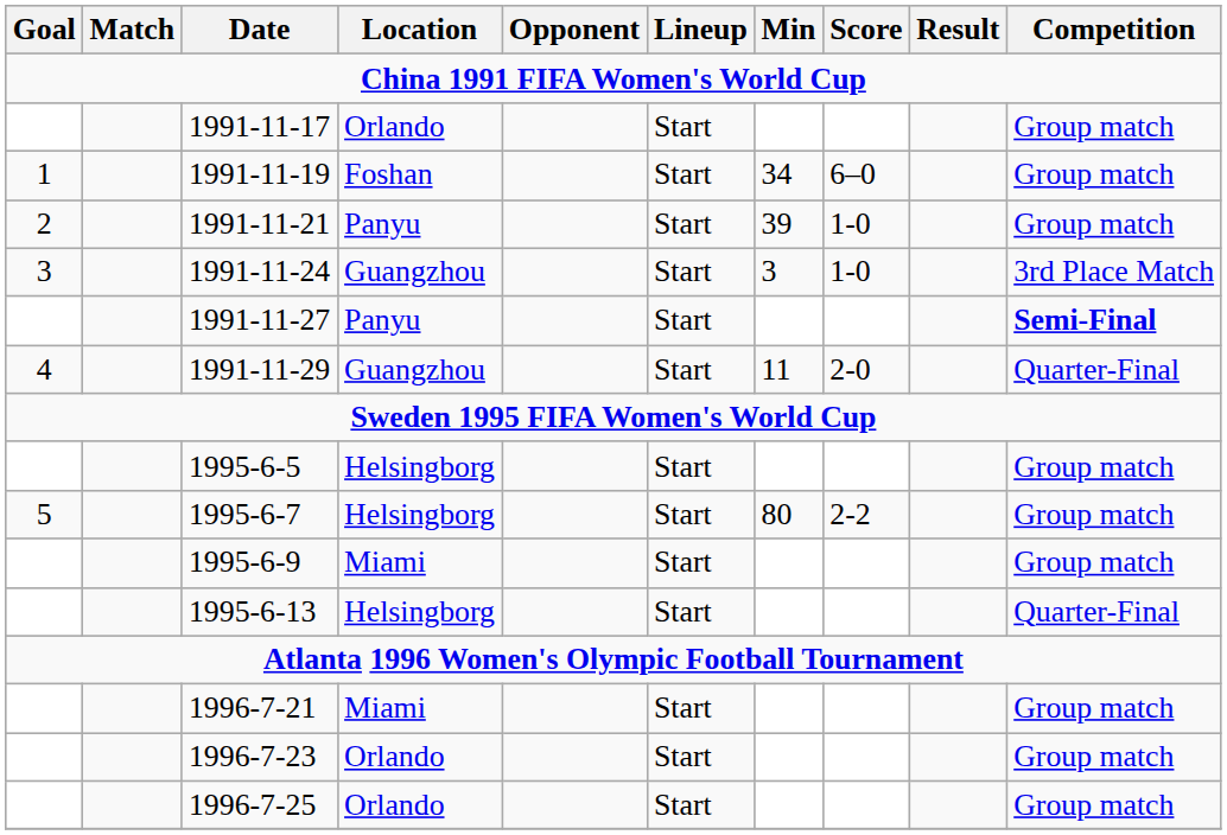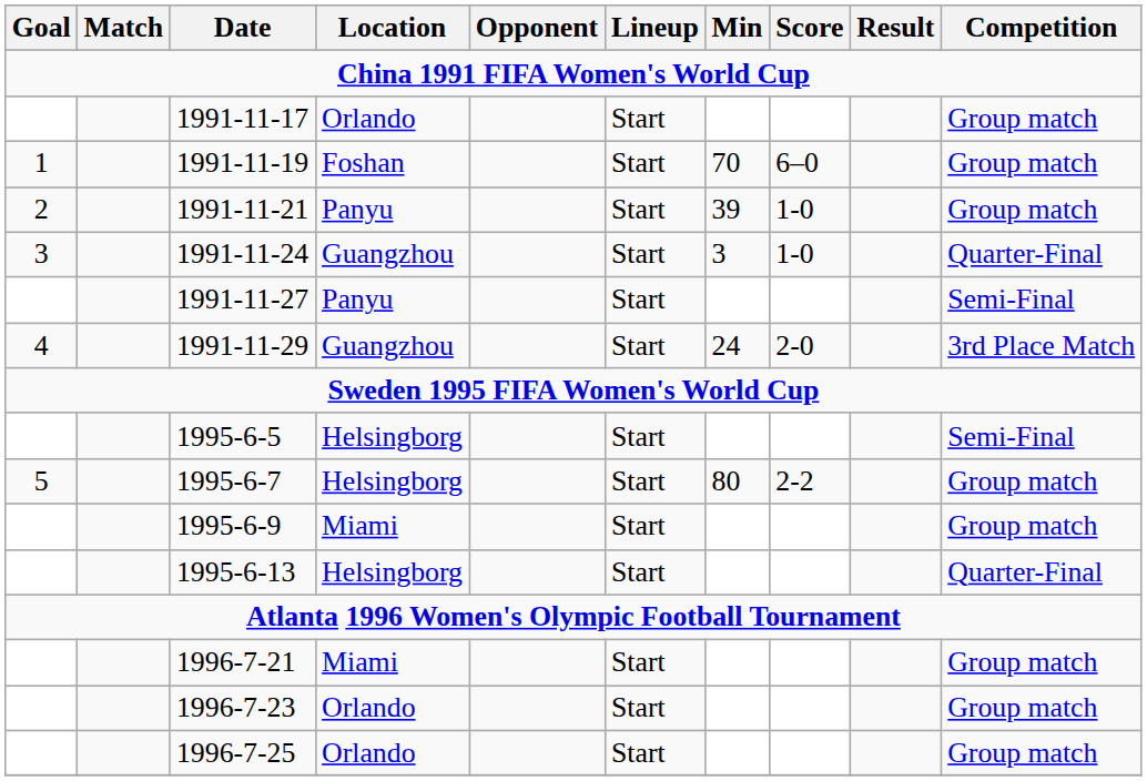 <table class="wikitable collapsible" style="fontsize:90%;">
 <tr>
 <th>Goal</th>
 <th>Match</th>
 <th>Date</th>
 <th>Location</th>
 <th>Opponent</th>
 <th>Lineup</th>
 <th>Min</th>
 <th>Score</th>
 <th>Result</th>
 <th>Competition</th>
 </tr>
 <tr>
 <td colspan=10 align=center > <strong><a href='#'>China 1991 FIFA Women's World Cup</a></strong></td>
 </tr>
 <tr>
 <td style="background:white;"></td>
 <td></td>
 <td>1991-11-17</td>
 <td><a href='#'>Orlando</a></td>
 <td></td>
 <td>Start</td>
 <td style="background:white;"></td>
 <td style="background:white;"></td>
 <td></td>
 <td><a href='#'>Group match</a></td>
 </tr>
 <tr>
 <td align=center>1</td>
 <td></td>
 <td>1991-11-19</td>
 <td><a href='#'>Foshan</a></td>
 <td></td>
 <td>Start</td>
-<td>34</td>
+<td>70</td>
 <td>6–0</td>
 <td></td>
 <td><a href='#'>Group match</a></td>
 </tr>
 <tr>
 <td align=center>2</td>
 <td></td>
 <td>1991-11-21</td>
 <td><a href='#'>Panyu</a></td>
 <td></td>
 <td>Start</td>
 <td>39</td>
 <td>1-0</td>
 <td></td>
 <td><a href='#'>Group match</a></td>
 </tr>
 <tr>
 <td align=center>3</td>
 <td></td>
 <td>1991-11-24</td>
 <td><a href='#'>Guangzhou</a></td>
 <td></td>
 <td>Start</td>
 <td>3</td>
 <td>1-0</td>
 <td></td>
-<td><a href='#'>3rd Place Match</a></td>
+<td><a href='#'>Quarter-Final</a></td>
 </tr>
 <tr>
 <td style="background:white;"></td>
 <td></td>
 <td>1991-11-27</td>
 <td><a href='#'>Panyu</a></td>
 <td></td>
 <td>Start</td>
 <td style="background:white;"></td>
 <td style="background:white;"></td>
 <td></td>
-<td><strong><a href='#'>Semi-Final</a></strong></td>
+<td><a href='#'>Semi-Final</a></td>
 </tr>
 <tr>
 <td align=center>4</td>
 <td></td>
 <td>1991-11-29</td>
 <td><a href='#'>Guangzhou</a></td>
 <td></td>
 <td>Start</td>
-<td>11</td>
+<td>24</td>
 <td>2-0</td>
 <td></td>
-<td><a href='#'>Quarter-Final</a></td>
+<td><a href='#'>3rd Place Match</a></td>
 </tr>
 <tr>
 <td colspan=10 align=center > <strong><a href='#'>Sweden 1995 FIFA Women's World Cup</a></strong></td>
 </tr>
 <tr>
 <td style="background:white;"></td>
 <td></td>
 <td>1995-6-5</td>
 <td><a href='#'>Helsingborg</a></td>
 <td></td>
 <td>Start</td>
 <td style="background:white;"></td>
 <td style="background:white;"></td>
 <td></td>
-<td><a href='#'>Group match</a></td>
+<td><a href='#'>Semi-Final</a></td>
 </tr>
 <tr>
 <td align=center>5</td>
 <td></td>
 <td>1995-6-7</td>
 <td><a href='#'>Helsingborg</a></td>
 <td></td>
 <td>Start</td>
 <td>80</td>
 <td>2-2</td>
 <td></td>
 <td><a href='#'>Group match</a></td>
 </tr>
 <tr>
 <td style="background:white;"></td>
 <td></td>
 <td>1995-6-9</td>
 <td><a href='#'>Miami</a></td>
 <td></td>
 <td>Start</td>
 <td style="background:white;"></td>
 <td style="background:white;"></td>
 <td></td>
 <td><a href='#'>Group match</a></td>
 </tr>
 <tr>
 <td style="background:white;"></td>
 <td></td>
 <td>1995-6-13</td>
 <td><a href='#'>Helsingborg</a></td>
 <td></td>
 <td>Start</td>
 <td style="background:white;"></td>
 <td style="background:white;"></td>
 <td></td>
 <td><a href='#'>Quarter-Final</a></td>
 </tr>
 <tr>
 <td colspan=10 align=center ><strong><a href='#'>Atlanta</a> <a href='#'>1996 Women's Olympic Football Tournament</a></strong></td>
 </tr>
 <tr>
 <td style="background:white;"></td>
 <td></td>
 <td>1996-7-21</td>
 <td><a href='#'>Miami</a></td>
 <td></td>
 <td>Start</td>
 <td style="background:white;"></td>
 <td style="background:white;"></td>
 <td></td>
 <td><a href='#'>Group match</a></td>
 </tr>
 <tr>
 <td style="background:white;"></td>
 <td></td>
 <td>1996-7-23</td>
 <td><a href='#'>Orlando</a></td>
 <td></td>
 <td>Start</td>
 <td style="background:white;"></td>
 <td style="background:white;"></td>
 <td></td>
 <td><a href='#'>Group match</a></td>
 </tr>
 <tr>
 <td style="background:white;"></td>
 <td></td>
 <td>1996-7-25</td>
 <td><a href='#'>Orlando</a></td>
 <td></td>
 <td>Start</td>
 <td style="background:white;"></td>
 <td style="background:white;"></td>
 <td></td>
 <td><a href='#'>Group match</a></td>
 </tr>
 <tr>
 </tr>
 </table>
